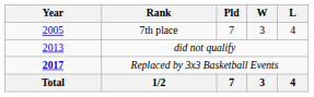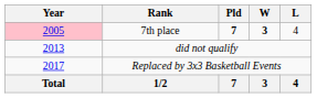 <table class="wikitable" style="text-align: center;font-size:90%;">
 <tr>
 <th width=125>Year</th>
 <th width=150>Rank</th>
 <th width=35>Pld</th>
 <th width=35>W</th>
 <th width=35>L</th>
 </tr>
 <tr>
-<td> <a href='#'>2005</a></td>
+<td style="background: pink;"> <a href='#'>2005</a></td>
 <td>7th place</td>
-<td>7</td>
-<td>3</td>
+<td><strong>7</strong></td>
+<td><strong>3</strong></td>
 <td>4</td>
 </tr>
 <tr>
 <td> <a href='#'>2013</a></td>
 <td rowspan=1 colspan=4><em>did not qualify</em></td>
 </tr>
 <tr>
-<td><strong> <a href='#'>2017</a></strong></td>
+<td> <a href='#'>2017</a></td>
 <td colspan=4><em>Replaced by 3x3 Basketball Events</em></td>
 </tr>
 <tr>
 <th>Total</th>
 <th>1/2</th>
 <th>7</th>
 <th>3</th>
 <th>4</th>
 </tr>
 </table>
